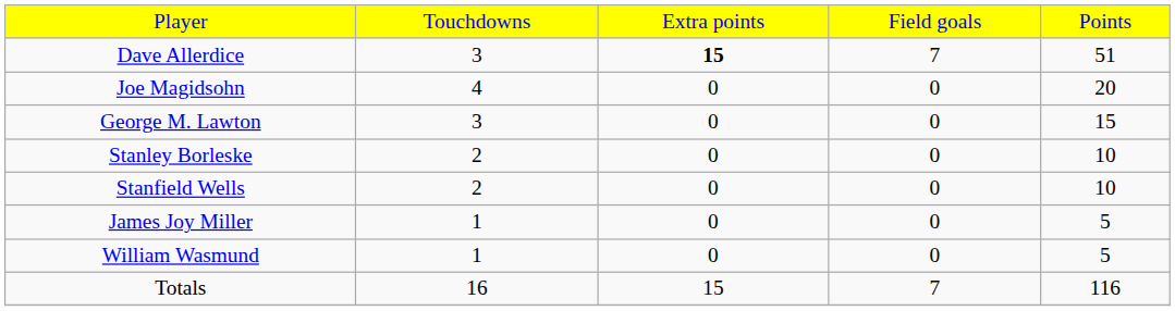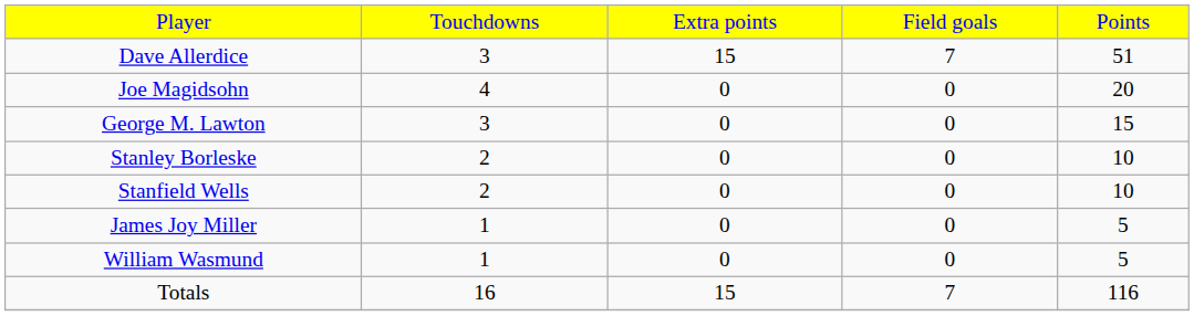 <table class="wikitable" width="70%">
 <tr align="center" style="background:yellow;color:blue;">
 <td>Player</td>
 <td>Touchdowns</td>
 <td>Extra points</td>
 <td>Field goals</td>
 <td>Points</td>
 </tr>
 <tr align="center" bgcolor="">
 <td><a href='#'>Dave Allerdice</a></td>
 <td>3</td>
-<td><strong>15</strong></td>
+<td>15</td>
 <td>7</td>
 <td>51</td>
 </tr>
 <tr align="center" bgcolor="">
 <td><a href='#'>Joe Magidsohn</a></td>
 <td>4</td>
 <td>0</td>
 <td>0</td>
 <td>20</td>
 </tr>
 <tr align="center" bgcolor="">
 <td><a href='#'>George M. Lawton</a></td>
 <td>3</td>
 <td>0</td>
 <td>0</td>
 <td>15</td>
 </tr>
 <tr align="center" bgcolor="">
 <td><a href='#'>Stanley Borleske</a></td>
 <td>2</td>
 <td>0</td>
 <td>0</td>
 <td>10</td>
 </tr>
 <tr align="center" bgcolor="">
 <td><a href='#'>Stanfield Wells</a></td>
 <td>2</td>
 <td>0</td>
 <td>0</td>
 <td>10</td>
 </tr>
 <tr align="center" bgcolor="">
 <td><a href='#'>James Joy Miller</a></td>
 <td>1</td>
 <td>0</td>
 <td>0</td>
 <td>5</td>
 </tr>
 <tr align="center" bgcolor="">
 <td><a href='#'>William Wasmund</a></td>
 <td>1</td>
 <td>0</td>
 <td>0</td>
 <td>5</td>
 </tr>
 <tr align="center" bgcolor="">
 <td>Totals</td>
 <td>16</td>
 <td>15</td>
 <td>7</td>
 <td>116</td>
 </tr>
 <tr align="center" bgcolor="">
 </tr>
 </table>
